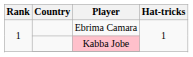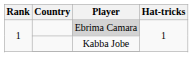 <table class="wikitable" style="text-align:center;">
 <tr>
 <th>Rank</th>
 <th>Country</th>
 <th>Player</th>
 <th>Hat-tricks</th>
 </tr>
 <tr>
 <td rowspan=5>1</td>
 <td></td>
-<td>Ebrima Camara</td>
+<td style="background: lightgrey;">Ebrima Camara</td>
 <td rowspan=5>1</td>
 </tr>
 <tr>
 <td></td>
-<td style="background: pink;">Kabba Jobe</td>
+<td>Kabba Jobe</td>
 </tr>
 <tr>
 </tr>
 </table>
